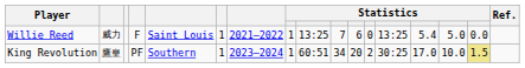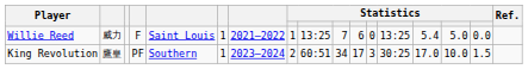 <table class="wikitable sortable" style="font-size:95%; text-align:right;">
 <tr>
 <th rowspan="2">Player</th>
 <th rowspan="2"></th>
 <th rowspan="2"></th>
 <th rowspan="2"></th>
 <th rowspan="2"></th>
 <th rowspan="2"></th>
 <th rowspan="2"></th>
 <th colspan="9">Statistics</th>
 <th rowspan="2">Ref.</th>
 </tr>
 <tr>
 <th></th>
 <th></th>
 <th></th>
 <th></th>
 <th></th>
 <th></th>
 <th></th>
 <th></th>
 <th></th>
 </tr>
 <tr>
 <td align="left"><a href='#'>Willie Reed</a></td>
 <td align="left">威力</td>
 <td align="center"></td>
 <td align="center">F</td>
 <td align="left"><a href='#'>Saint Louis</a></td>
 <td align="center">1</td>
 <td align="center"><a href='#'>2021–2022</a></td>
 <td>1</td>
 <td>13:25</td>
 <td>7</td>
 <td>6</td>
 <td>0</td>
 <td>13:25</td>
 <td>5.4</td>
 <td>5.0</td>
 <td>0.0</td>
 <td align="center"></td>
 </tr>
 <tr>
 <td align="left">King Revolution</td>
 <td align="left">鷹皇</td>
 <td align="center"></td>
 <td align="center">PF</td>
 <td align="left"><a href='#'>Southern</a></td>
 <td align="center">1</td>
 <td align="center"><a href='#'>2023–2024</a></td>
-<td>1</td>
+<td>2</td>
 <td>60:51</td>
 <td>34</td>
-<td>20</td>
-<td>2</td>
+<td>17</td>
+<td>3</td>
 <td>30:25</td>
 <td>17.0</td>
 <td>10.0</td>
-<td style="background: khaki;">1.5</td>
+<td>1.5</td>
 <td align="center"></td>
 </tr>
 </table>
